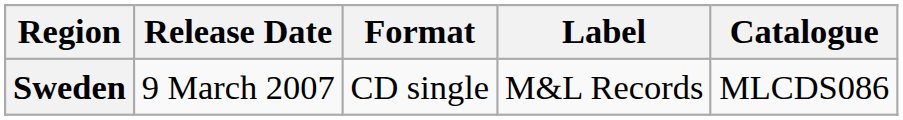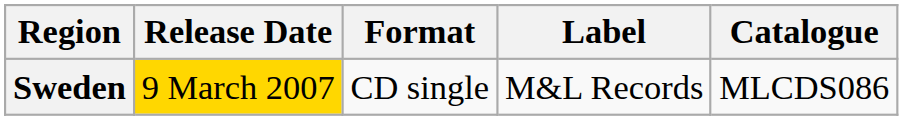 <table class="wikitable plainrowheaders">
 <tr>
 <th scope="col">Region</th>
 <th scope="col">Release Date</th>
 <th scope="col">Format</th>
 <th scope="col">Label</th>
 <th scope="col">Catalogue</th>
 </tr>
 <tr>
 <th scope="row" rowspan="9">Sweden</th>
-<td>9 March 2007</td>
+<td style="background: gold;">9 March 2007</td>
 <td>CD single</td>
 <td>M&L Records</td>
 <td>MLCDS086</td>
 </tr>
 </table>
